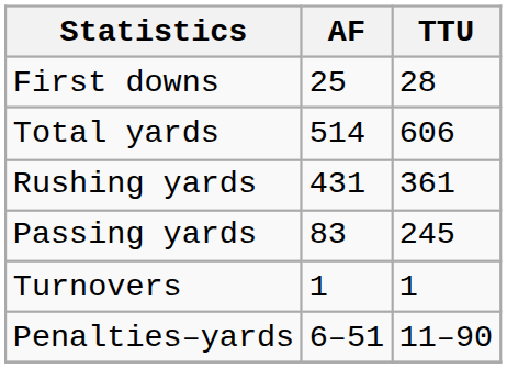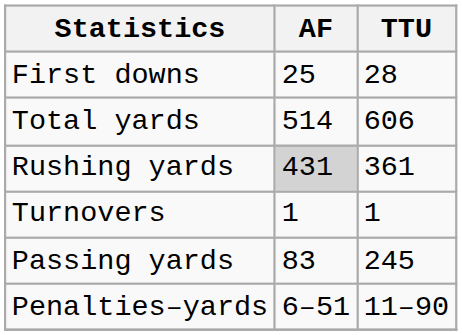 <table class="wikitable" style="float: left;">
 <tr>
 <th>Statistics</th>
 <th>AF</th>
 <th>TTU</th>
 </tr>
 <tr>
 <td>First downs</td>
 <td>25</td>
 <td>28</td>
 </tr>
 <tr>
 <td>Total yards</td>
 <td>514</td>
 <td>606</td>
 </tr>
 <tr>
 <td>Rushing yards</td>
-<td>431</td>
+<td style="background: lightgrey;">431</td>
 <td>361</td>
+</tr>
+<tr>
+<td>Turnovers</td>
+<td>1</td>
+<td>1</td>
 </tr>
 <tr>
 <td>Passing yards</td>
 <td>83</td>
 <td>245</td>
-</tr>
-<tr>
-<td>Turnovers</td>
-<td>1</td>
-<td>1</td>
 </tr>
 <tr>
 <td>Penalties–yards</td>
 <td>6–51</td>
 <td>11–90</td>
 </tr>
 <tr>
 </tr>
 </table>
